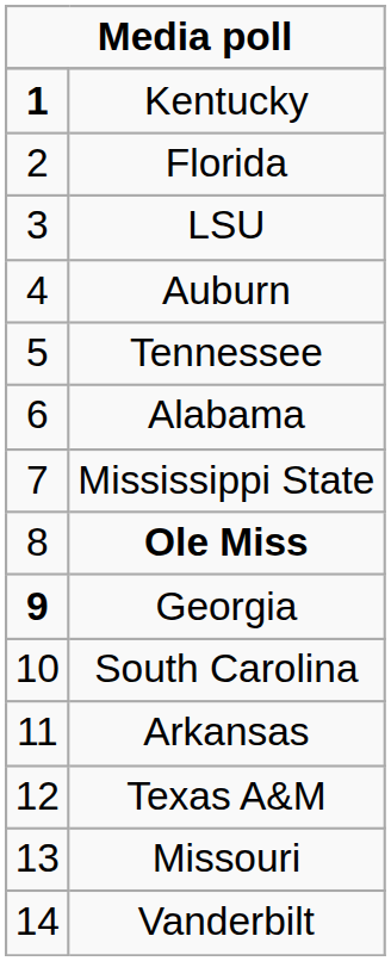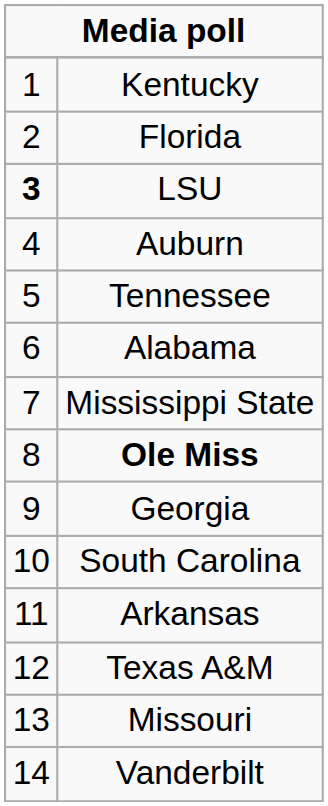 <table class="wikitable">
 <tr align="center">
 <td align="center" Colspan="3"><strong>Media poll</strong></td>
 </tr>
 <tr align="center">
 </tr>
 <tr align="center">
-<td><strong>1</strong></td>
+<td>1</td>
 <td>Kentucky</td>
 </tr>
 <tr align="center">
 <td>2</td>
 <td>Florida</td>
 </tr>
 <tr align="center">
-<td>3</td>
+<td><strong>3</strong></td>
 <td>LSU</td>
 </tr>
 <tr align="center">
 <td>4</td>
 <td>Auburn</td>
 </tr>
 <tr align="center">
 <td>5</td>
 <td>Tennessee</td>
 </tr>
 <tr align="center">
 <td>6</td>
 <td>Alabama</td>
 </tr>
 <tr align="center">
 <td>7</td>
 <td>Mississippi State</td>
 </tr>
 <tr align="center">
 <td>8</td>
 <td><strong>Ole Miss</strong></td>
 </tr>
 <tr align="center">
-<td><strong>9</strong></td>
+<td>9</td>
 <td>Georgia</td>
 </tr>
 <tr align="center">
 <td>10</td>
 <td>South Carolina</td>
 </tr>
 <tr align="center">
 <td>11</td>
 <td>Arkansas</td>
 </tr>
 <tr align="center">
 <td>12</td>
 <td>Texas A&M</td>
 </tr>
 <tr align="center">
 <td>13</td>
 <td>Missouri</td>
 </tr>
 <tr align="center">
 <td>14</td>
 <td>Vanderbilt</td>
 </tr>
 </table>
